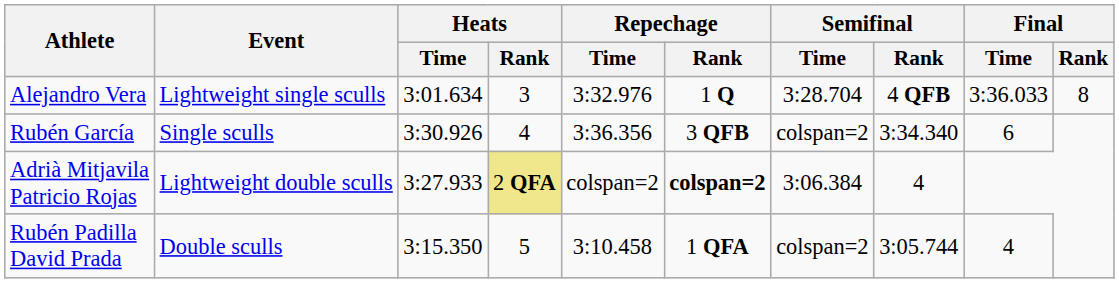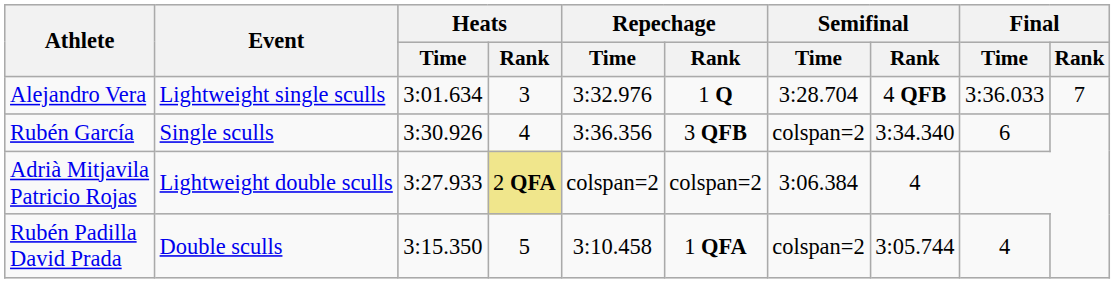 <table class=wikitable style="font-size:90%;">
 <tr>
 <th rowspan=2>Athlete</th>
 <th rowspan=2>Event</th>
 <th colspan=2>Heats</th>
 <th colspan=2>Repechage</th>
 <th colspan=2>Semifinal</th>
 <th colspan=2>Final</th>
 </tr>
 <tr style="font-size:95%">
 <th>Time</th>
 <th>Rank</th>
 <th>Time</th>
 <th>Rank</th>
 <th>Time</th>
 <th>Rank</th>
 <th>Time</th>
 <th>Rank</th>
 </tr>
 <tr align=center>
 <td align=left><a href='#'>Alejandro Vera</a></td>
 <td align=left><a href='#'>Lightweight single sculls</a></td>
 <td>3:01.634</td>
 <td>3</td>
 <td>3:32.976</td>
 <td>1 <strong>Q</strong></td>
 <td>3:28.704</td>
 <td>4 <strong>QFB</strong></td>
 <td>3:36.033</td>
-<td>8</td>
+<td>7</td>
 </tr>
 <tr align=center>
 <td align=left><a href='#'>Rubén García</a></td>
 <td align=left><a href='#'>Single sculls</a></td>
 <td>3:30.926</td>
 <td>4</td>
 <td>3:36.356</td>
 <td>3 <strong>QFB</strong></td>
 <td>colspan=2 </td>
 <td>3:34.340</td>
 <td>6</td>
 </tr>
 <tr align=center>
 <td align=left><a href='#'>Adrià Mitjavila</a><br><a href='#'>Patricio Rojas</a></td>
 <td align=left><a href='#'>Lightweight double sculls</a></td>
 <td>3:27.933</td>
 <td style="background: khaki;">2 <strong>QFA</strong></td>
 <td>colspan=2 </td>
-<td><strong>colspan=2 </strong></td>
+<td>colspan=2 </td>
 <td>3:06.384</td>
 <td>4</td>
 </tr>
 <tr align=center>
 <td align=left><a href='#'>Rubén Padilla</a><br><a href='#'>David Prada</a></td>
 <td align=left><a href='#'>Double sculls</a></td>
 <td>3:15.350</td>
 <td>5</td>
 <td>3:10.458</td>
 <td>1 <strong>QFA</strong></td>
 <td>colspan=2 </td>
 <td>3:05.744</td>
 <td>4</td>
 </tr>
 </table>
